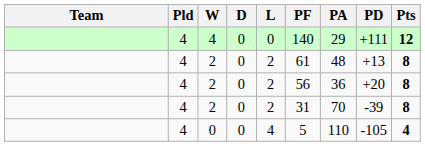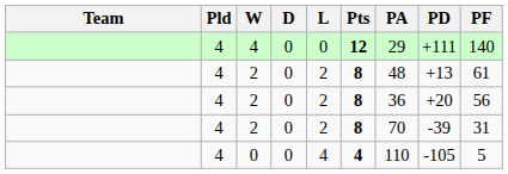 <table class="wikitable" style="text-align:center;">
 <tr>
 <th width=175>Team</th>
 <th width=25 abbr="Played">Pld</th>
 <th width=25 abbr="Won">W</th>
 <th width=25 abbr="Drawn">D</th>
 <th width=25 abbr="Lost">L</th>
-<th width=32 abbr="Points for">PF</th>
+<th width=25 abbr="Points">Pts</th>
 <th width=32 abbr="Points against">PA</th>
 <th width=32 abbr="Points difference">PD</th>
-<th width=25 abbr="Points">Pts</th>
+<th width=32 abbr="Points for">PF</th>
 </tr>
 <tr bgcolor=ccffcc>
 <td align=left></td>
 <td>4</td>
 <td>4</td>
 <td>0</td>
 <td>0</td>
-<td>140</td>
+<td><strong>12</strong></td>
 <td>29</td>
 <td>+111</td>
-<td><strong>12</strong></td>
+<td>140</td>
 </tr>
 <tr>
 <td align=left></td>
 <td>4</td>
 <td>2</td>
 <td>0</td>
 <td>2</td>
-<td>61</td>
+<td><strong>8</strong></td>
 <td>48</td>
 <td>+13</td>
-<td><strong>8</strong></td>
+<td>61</td>
 </tr>
 <tr>
 <td align=left></td>
 <td>4</td>
 <td>2</td>
 <td>0</td>
 <td>2</td>
-<td>56</td>
+<td><strong>8</strong></td>
 <td>36</td>
 <td>+20</td>
-<td><strong>8</strong></td>
+<td>56</td>
 </tr>
 <tr>
 <td align=left></td>
 <td>4</td>
 <td>2</td>
 <td>0</td>
 <td>2</td>
-<td>31</td>
+<td><strong>8</strong></td>
 <td>70</td>
 <td>-39</td>
-<td><strong>8</strong></td>
+<td>31</td>
 </tr>
 <tr>
 <td align=left></td>
 <td>4</td>
 <td>0</td>
 <td>0</td>
 <td>4</td>
-<td>5</td>
+<td><strong>4</strong></td>
 <td>110</td>
 <td>-105</td>
-<td><strong>4</strong></td>
+<td>5</td>
 </tr>
 </table>
